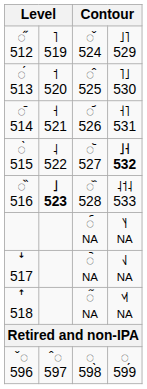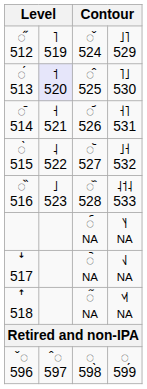 <table class="wikitable IPA">
 <tr>
 <th colspan=2>Level</th>
 <th colspan=2>Contour</th>
 </tr>
 <tr align=center>
 <td>◌̋ <br> 512</td>
 <td>˥ <br> 519</td>
 <td>◌̌ <br> 524</td>
 <td>˩˥ <br> 529</td>
 </tr>
 <tr align=center>
 <td>◌́ <br> 513</td>
-<td>˦ <br> 520</td>
+<td style="background: lavender;">˦ <br> 520</td>
 <td>◌̂ <br> 525</td>
 <td>˥˩ <br> 530</td>
 </tr>
 <tr align=center>
 <td>◌̄ <br> 514</td>
 <td>˧ <br> 521</td>
 <td>◌᷄ <br> 526</td>
 <td>˧˥ <br> 531</td>
 </tr>
 <tr align=center>
 <td>◌̀ <br> 515</td>
 <td>˨ <br> 522</td>
 <td>◌᷅ <br> 527</td>
-<td><strong>˩˧ <br> 532</strong></td>
+<td>˩˧ <br> 532</td>
 </tr>
 <tr align=center>
 <td>◌̏ <br> 516</td>
-<td><strong>˩ <br> 523</strong></td>
+<td>˩ <br> 523</td>
 <td>◌᷈ <br> 528</td>
 <td>˨˦˨ <br> 533</td>
 </tr>
 <tr align=center>
 <td></td>
 <td></td>
 <td>◌᷇ <br> <small>NA</small></td>
 <td>˥˧ <br> <small>NA</small></td>
 </tr>
 <tr align=center>
 <td>ꜜ <br> 517</td>
 <td></td>
 <td>◌᷆ <br> <small>NA</small></td>
 <td>˧˩ <br> <small>NA</small></td>
 </tr>
 <tr align=center>
 <td>ꜛ <br> 518</td>
 <td></td>
 <td>◌᷉ <br> <small>NA</small></td>
 <td>˦˨˦ <br> <small>NA</small></td>
 </tr>
 <tr>
 <th colspan=4>Retired and non-IPA</th>
 </tr>
 <tr align="center">
 <td>ˇ◌ <br> 596</td>
 <td>ˆ◌ <br> 597</td>
 <td>◌̖ <br> 598</td>
 <td>◌̗ <br> 599</td>
 </tr>
 </table>
